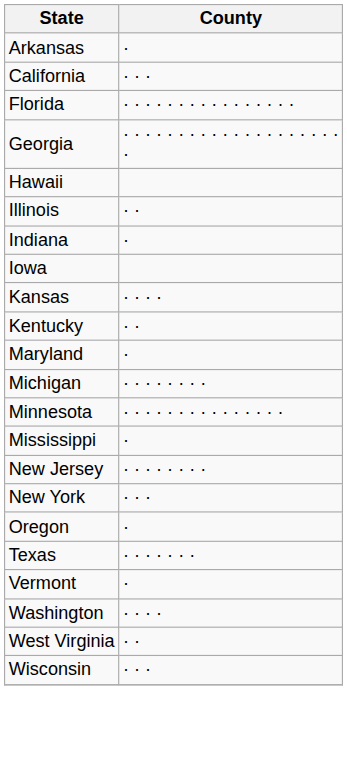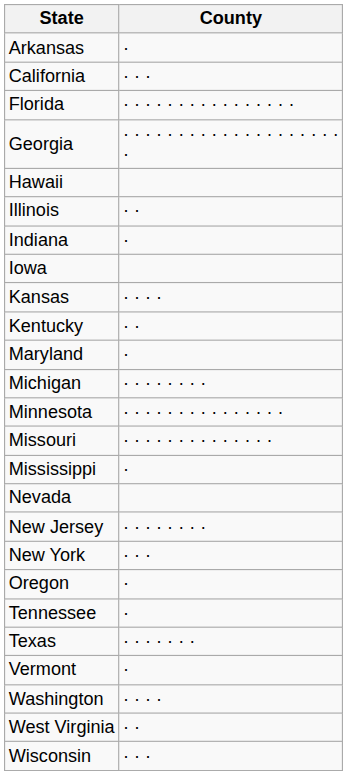 <table class="wikitable plainlinks neverexpand">
 <tr>
 <th>State</th>
 <th>County</th>
 </tr>
 <tr>
 <td>Arkansas</td>
 <td> · </td>
 </tr>
 <tr>
 <td>California</td>
 <td> ·  ·  · </td>
 </tr>
 <tr>
 <td>Florida</td>
 <td> ·  ·  ·  ·  ·  ·  ·  ·  ·  ·  ·  ·  ·  ·  ·  · </td>
 </tr>
 <tr>
 <td>Georgia</td>
 <td> ·  ·  ·  ·  ·  ·  ·  ·  ·  ·  ·  ·  ·  ·  ·  ·  ·  ·  ·  ·<br> · </td>
 </tr>
 <tr>
 <td>Hawaii</td>
 <td></td>
 </tr>
 <tr>
 <td>Illinois</td>
 <td> ·  · </td>
 </tr>
 <tr>
 <td>Indiana</td>
 <td> · </td>
 </tr>
 <tr>
 <td>Iowa</td>
 <td></td>
 </tr>
 <tr>
 <td>Kansas</td>
 <td> ·  ·  ·  · </td>
 </tr>
 <tr>
 <td>Kentucky</td>
 <td> ·  · </td>
 </tr>
 <tr>
 <td>Maryland</td>
 <td> · </td>
 </tr>
 <tr>
 <td>Michigan</td>
 <td> ·  ·  ·  ·  ·  ·  ·  · </td>
 </tr>
 <tr>
 <td>Minnesota</td>
 <td> ·  ·  ·  ·  ·  ·  ·  ·  ·  ·  ·  ·  ·  ·  · </td>
 </tr>
 <tr>
+<td>Missouri</td>
+<td> ·  ·  ·  ·  ·  ·  ·  ·  ·  ·  ·  ·  ·  · </td>
+</tr>
+<tr>
 <td>Mississippi</td>
 <td> · </td>
+</tr>
+<tr>
+<td>Nevada</td>
+<td></td>
 </tr>
 <tr>
 <td>New Jersey</td>
 <td> ·  ·  · ·  ·  ·  ·  · </td>
 </tr>
 <tr>
 <td>New York</td>
 <td> ·  ·  · </td>
 </tr>
 <tr>
 <td>Oregon</td>
+<td> · </td>
+</tr>
+<tr>
+<td>Tennessee</td>
 <td> · </td>
 </tr>
 <tr>
 <td>Texas</td>
 <td> ·  ·  ·  ·  ·  ·  · </td>
 </tr>
 <tr>
 <td>Vermont</td>
 <td> · </td>
 </tr>
 <tr>
 <td>Washington</td>
 <td> ·  ·  ·  · </td>
 </tr>
 <tr>
 <td>West Virginia</td>
 <td> ·  · </td>
 </tr>
 <tr>
 <td>Wisconsin</td>
 <td> ·  ·  · </td>
 </tr>
 <tr>
 </tr>
 </table>
